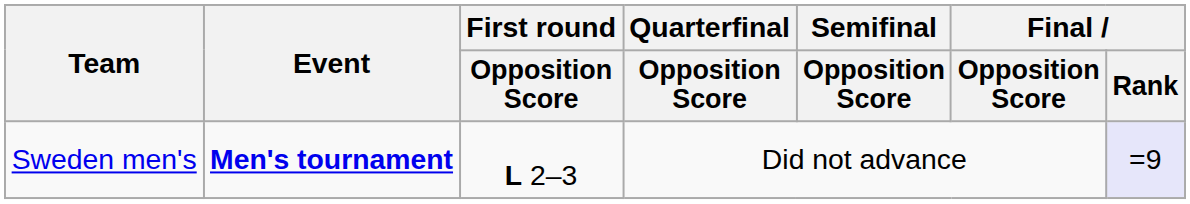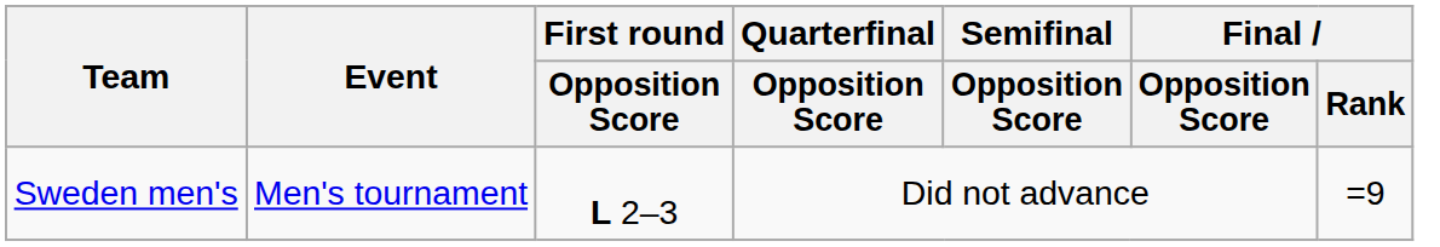 <table class="wikitable" style="font-size:90%">
 <tr>
 <th rowspan=2>Team</th>
 <th rowspan=2>Event</th>
 <th>First round</th>
 <th>Quarterfinal</th>
 <th>Semifinal</th>
 <th colspan=2>Final / </th>
 </tr>
 <tr style="font-size:95%">
 <th>Opposition<br>Score</th>
 <th>Opposition<br>Score</th>
 <th>Opposition<br>Score</th>
 <th>Opposition<br>Score</th>
 <th>Rank</th>
 </tr>
 <tr align=center>
 <td align=left><a href='#'>Sweden men's</a></td>
-<td align=left><strong><a href='#'>Men's tournament</a></strong></td>
+<td align=left><a href='#'>Men's tournament</a></td>
 <td><br><strong>L</strong> 2–3</td>
 <td colspan=3>Did not advance</td>
-<td style="background: lavender;">=9</td>
+<td>=9</td>
 </tr>
 </table>
